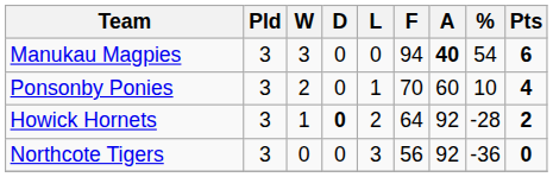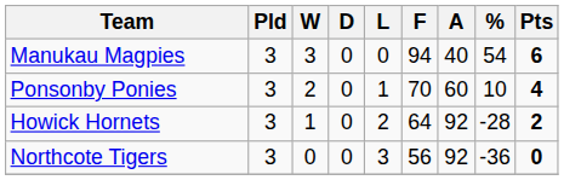 <table class="wikitable" style="text-align:center;">
 <tr>
 <th width=175>Team</th>
 <th width=20 abbr="Played">Pld</th>
 <th width=20 abbr="Won">W</th>
 <th width=20 abbr="Drawn">D</th>
 <th width=20 abbr="Lost">L</th>
 <th width=20 abbr="For">F</th>
 <th width=20 abbr="Against">A</th>
 <th width=20 abbr="Points">%</th>
 <th width=20 abbr="Points">Pts</th>
 </tr>
 <tr>
 <td style="text-align:left;"><a href='#'>Manukau Magpies</a></td>
 <td>3</td>
 <td>3</td>
 <td>0</td>
 <td>0</td>
 <td>94</td>
-<td><strong>40</strong></td>
+<td>40</td>
 <td>54</td>
 <td><strong>6</strong></td>
 </tr>
 <tr>
 <td style="text-align:left;"><a href='#'>Ponsonby Ponies</a></td>
 <td>3</td>
 <td>2</td>
 <td>0</td>
 <td>1</td>
 <td>70</td>
 <td>60</td>
 <td>10</td>
 <td><strong>4</strong></td>
 </tr>
 <tr>
 <td style="text-align:left;"><a href='#'>Howick Hornets</a></td>
 <td>3</td>
 <td>1</td>
-<td><strong>0</strong></td>
+<td>0</td>
 <td>2</td>
 <td>64</td>
 <td>92</td>
 <td>-28</td>
 <td><strong>2</strong></td>
 </tr>
 <tr>
 <td style="text-align:left;"><a href='#'>Northcote Tigers</a></td>
 <td>3</td>
 <td>0</td>
 <td>0</td>
 <td>3</td>
 <td>56</td>
 <td>92</td>
 <td>-36</td>
 <td><strong>0</strong></td>
 </tr>
 <tr>
 </tr>
 </table>
